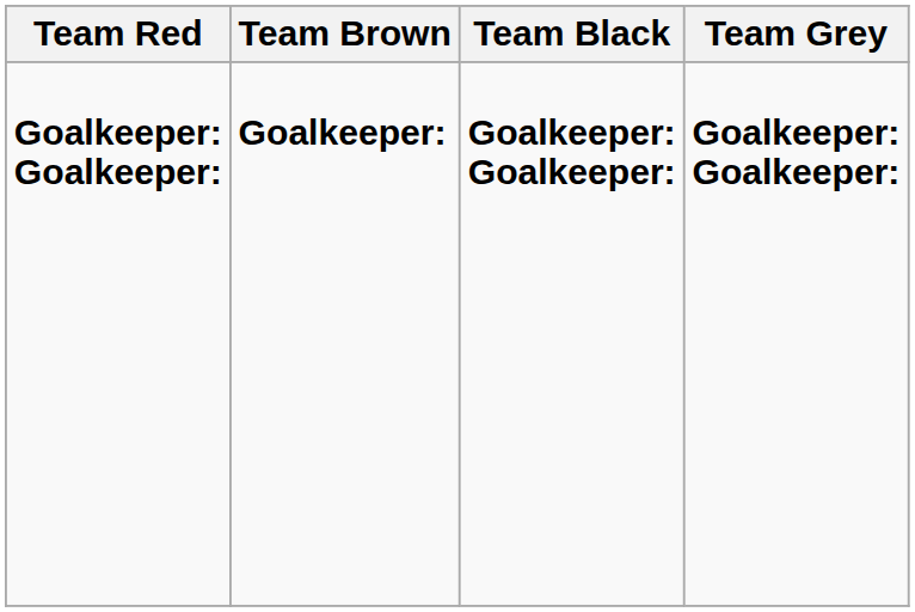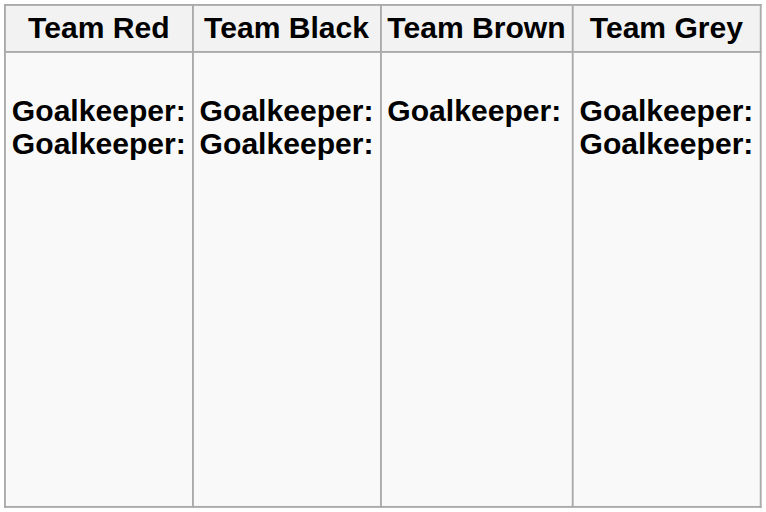 <table class="wikitable">
 <tr>
 <th> Team Red</th>
+<th> Team Black</th>
 <th> Team Brown</th>
-<th> Team Black</th>
 <th> Team Grey</th>
 </tr>
 <tr>
 <td><br><strong>Goalkeeper:</strong> <br> <strong>Goalkeeper:</strong> <br> <br> <br> <br> <br> <br> <br> <br> <br> <br> <br> </td>
+<td><br><strong>Goalkeeper:</strong> <br> <strong>Goalkeeper:</strong> <br> <br> <br> <br> <br> <br> <br> <br> <br> <br> <br> </td>
 <td><br><strong>Goalkeeper:</strong> <br> <br> <br> <br> <br> <br> <br> <br> <br> <br> <br> <br> </td>
-<td><br><strong>Goalkeeper:</strong> <br> <strong>Goalkeeper:</strong> <br> <br> <br> <br> <br> <br> <br> <br> <br> <br> <br> </td>
 <td><br><strong>Goalkeeper:</strong> <br> <strong>Goalkeeper:</strong> <br> <br> <br> <br> <br> <br> <br> <br> <br> <br> <br> </td>
 </tr>
 </table>
